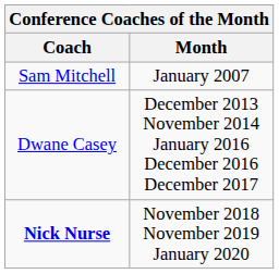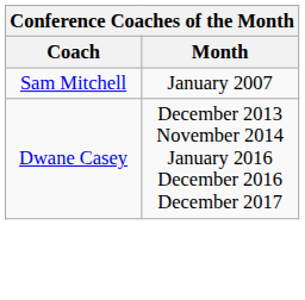 <table class="wikitable" style="text-align:center">
 <tr>
 <th colspan="2">Conference Coaches of the Month</th>
 </tr>
 <tr>
 <th>Coach</th>
 <th>Month</th>
 </tr>
 <tr>
 <td><a href='#'>Sam Mitchell</a></td>
 <td>January 2007</td>
 </tr>
 <tr>
 <td><a href='#'>Dwane Casey</a></td>
 <td>December 2013<br>November 2014<br>January 2016<br>December 2016<br>December 2017</td>
 </tr>
-<tr>
-<td><strong><a href='#'>Nick Nurse</a></strong></td>
-<td>November 2018<br>November 2019<br>January 2020</td>
-</tr>
 </table>
